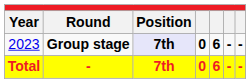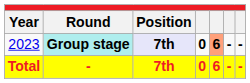 <table class="wikitable" style="text-align: center;">
 <tr>
 <th colspan="7" style="background:#EE1C25;"></th>
 </tr>
 <tr>
 <th>Year</th>
 <th>Round</th>
 <th>Position</th>
 <th></th>
 <th></th>
 <th></th>
 <th></th>
 </tr>
 <tr>
 <td> <a href='#'>2023</a></td>
-<td><strong>Group stage</strong></td>
+<td style="background: paleturquoise;"><strong>Group stage</strong></td>
 <td style="background: lavender;"><strong>7th</strong></td>
 <td><strong>0</strong></td>
-<td><strong>6</strong></td>
+<td style="background: lightsalmon;"><strong>6</strong></td>
 <td><strong>-</strong></td>
 <td><strong>-</strong></td>
 </tr>
 <tr>
 <th style="color:#EE1C25; background:#FFFF00;">Total</th>
 <th style="color:#EE1C25; background:#FFFF00;">-</th>
 <td style="color:#EE1C25; background:#FFFF00;"><strong>7th</strong></td>
 <td style="color:#EE1C25; background:#FFFF00;"><strong>0</strong></td>
 <td style="color:#EE1C25; background:#FFFF00;"><strong>6</strong></td>
 <td style="color:#EE1C25; background:#FFFF00;"><strong>-</strong></td>
 <td style="color:#EE1C25; background:#FFFF00;"><strong>-</strong></td>
 </tr>
 </table>
